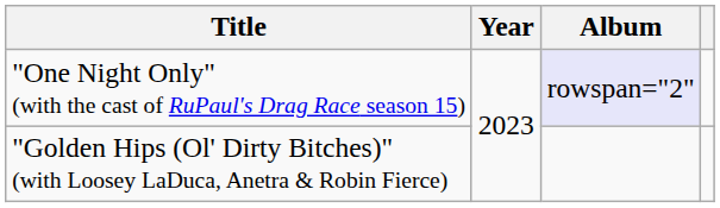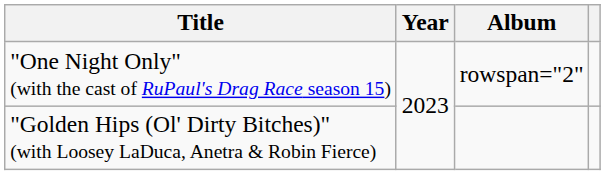 <table class="wikitable plainrowheaders sortable">
 <tr>
 <th>Title</th>
 <th>Year</th>
 <th>Album</th>
 <th style="text-align: center;" class="unsortable"></th>
 </tr>
 <tr>
 <td>"One Night  Only"<br><small>(with the cast of <a href='#'><em>RuPaul's Drag Race</em> season 15</a>)</small></td>
 <td rowspan="2">2023</td>
-<td style="background: lavender;">rowspan="2" </td>
+<td>rowspan="2" </td>
 <td style="text-align: center;"><br></td>
 </tr>
 <tr>
 <td scope="row">"Golden Hips (Ol' Dirty Bitches)"<br><small>(with Loosey LaDuca, Anetra & Robin Fierce)</small></td>
 <td style="text-align: center;"></td>
 </tr>
 </table>
